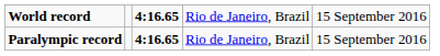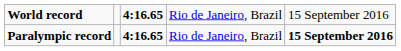 <table class="wikitable">
 <tr>
 <td><strong>World record</strong></td>
 <td></td>
 <td><strong>4:16.65</strong></td>
 <td><a href='#'>Rio de Janeiro</a>, Brazil</td>
 <td>15 September 2016</td>
 </tr>
 <tr>
 <td><strong>Paralympic record</strong></td>
 <td></td>
 <td><strong>4:16.65</strong></td>
 <td><a href='#'>Rio de Janeiro</a>, Brazil</td>
-<td>15 September 2016</td>
+<td><strong>15 September 2016</strong></td>
 </tr>
 </table>
